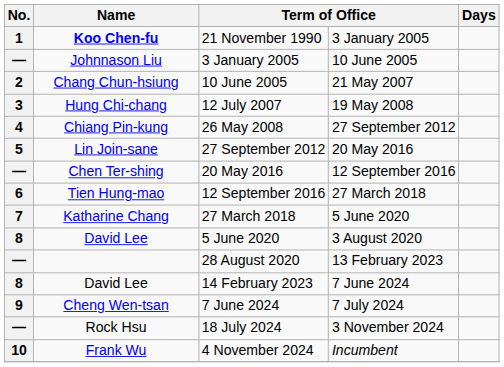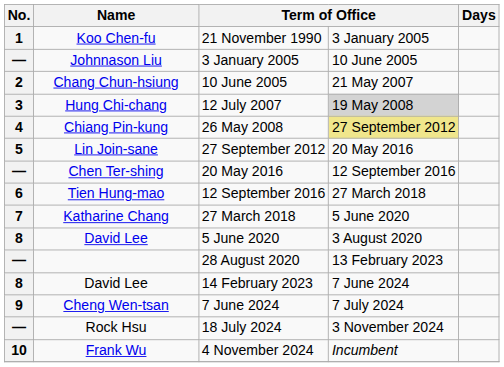 <table class="wikitable">
 <tr ->
 <th>No.</th>
 <th width="180">Name</th>
 <th colspan=2 width="180">Term of Office</th>
 <th>Days</th>
 </tr>
 <tr ->
 <th style="background:">1</th>
-<td align=center><strong><a href='#'>Koo Chen-fu</a><br></strong></td>
+<td align=center><a href='#'>Koo Chen-fu</a><br></td>
 <td>21 November 1990</td>
 <td>3 January 2005</td>
 <td></td>
 </tr>
 <tr ->
 <th style="background:">—</th>
 <td align=center><a href='#'>Johnnason Liu</a><br></td>
 <td>3 January 2005</td>
 <td>10 June 2005</td>
 <td></td>
 </tr>
 <tr ->
 <th style="background:">2</th>
 <td align=center><a href='#'>Chang Chun-hsiung</a><br></td>
 <td>10 June 2005</td>
 <td>21 May 2007</td>
 <td></td>
 </tr>
 <tr ->
 <th style="background:">3</th>
 <td align=center><a href='#'>Hung Chi-chang</a><br></td>
 <td>12 July 2007</td>
-<td>19 May 2008</td>
+<td style="background: lightgrey;">19 May 2008</td>
 <td></td>
 </tr>
 <tr ->
 <th style="background:">4</th>
 <td align=center><a href='#'>Chiang Pin-kung</a><br></td>
 <td>26 May 2008</td>
-<td>27 September 2012</td>
+<td style="background: khaki;">27 September 2012</td>
 <td></td>
 </tr>
 <tr ->
 <th style="background:">5</th>
 <td align=center><a href='#'>Lin Join-sane</a><br></td>
 <td>27 September 2012</td>
 <td>20 May 2016</td>
 <td></td>
 </tr>
 <tr ->
 <th style="background:">—</th>
 <td align=center><a href='#'>Chen Ter-shing</a><br></td>
 <td>20 May 2016</td>
 <td>12 September 2016</td>
 <td></td>
 </tr>
 <tr ->
 <th style="background:">6</th>
 <td align=center><a href='#'>Tien Hung-mao</a><br></td>
 <td>12 September 2016</td>
 <td>27 March 2018</td>
 <td></td>
 </tr>
 <tr ->
 <th style="background:">7</th>
 <td align=center><a href='#'>Katharine Chang</a><br></td>
 <td>27 March 2018</td>
 <td>5 June 2020</td>
 <td></td>
 </tr>
 <tr ->
 <th style="background:">8</th>
 <td align=center><a href='#'>David Lee</a><br></td>
 <td>5 June 2020</td>
 <td>3 August 2020</td>
 <td></td>
 </tr>
 <tr ->
 <th style="background:">—</th>
 <td align=center><br></td>
 <td>28 August 2020</td>
 <td>13 February 2023</td>
 <td></td>
 </tr>
 <tr ->
 <th style="background:">8</th>
 <td align=center>David Lee<br></td>
 <td>14 February 2023</td>
 <td>7 June 2024</td>
 <td></td>
 </tr>
 <tr ->
 <th style="background:">9</th>
 <td align=center><a href='#'>Cheng Wen-tsan</a><br></td>
 <td>7 June 2024</td>
 <td>7 July 2024</td>
 <td></td>
 </tr>
 <tr ->
 <th style="background:">—</th>
 <td align=center>Rock Hsu<br></td>
 <td>18 July 2024</td>
 <td>3 November 2024</td>
 <td></td>
 </tr>
 <tr ->
 <th style="background:">10</th>
 <td align=center><a href='#'>Frank Wu</a><br></td>
 <td>4 November 2024</td>
 <td><em>Incumbent</em></td>
 <td></td>
 </tr>
 <tr ->
 </tr>
 </table>
